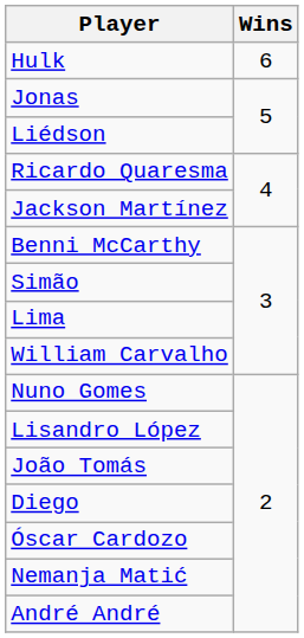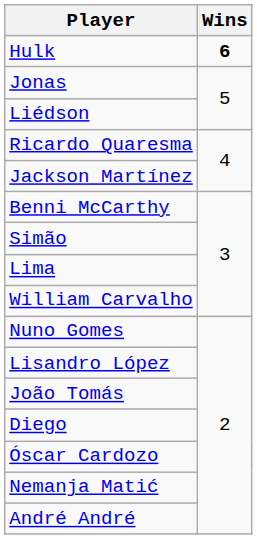 <table class="wikitable">
 <tr>
 <th>Player</th>
 <th>Wins</th>
 </tr>
 <tr>
 <td><a href='#'>Hulk</a></td>
-<td rowspan="1" style="text-align:center;">6</td>
+<td rowspan="1" style="text-align:center;"><strong>6</strong></td>
 </tr>
 <tr>
 <td><a href='#'>Jonas</a></td>
 <td rowspan="2" style="text-align:center;">5</td>
 </tr>
 <tr>
 <td><a href='#'>Liédson</a></td>
 </tr>
 <tr>
 <td><a href='#'>Ricardo Quaresma</a></td>
 <td rowspan="2" style="text-align:center;">4</td>
 </tr>
 <tr>
 <td><a href='#'>Jackson Martínez</a></td>
 </tr>
 <tr>
 <td><a href='#'>Benni McCarthy</a></td>
 <td rowspan="4" style="text-align:center;">3</td>
 </tr>
 <tr>
 <td><a href='#'>Simão</a></td>
 </tr>
 <tr>
 <td><a href='#'>Lima</a></td>
 </tr>
 <tr>
 <td><a href='#'>William Carvalho</a></td>
 </tr>
 <tr>
 <td><a href='#'>Nuno Gomes</a></td>
 <td rowspan="7" style="text-align:center;">2</td>
 </tr>
 <tr>
 <td><a href='#'>Lisandro López</a></td>
 </tr>
 <tr>
 <td><a href='#'>João Tomás</a></td>
 </tr>
 <tr>
 <td><a href='#'>Diego</a></td>
 </tr>
 <tr>
 <td><a href='#'>Óscar Cardozo</a></td>
 </tr>
 <tr>
 <td><a href='#'>Nemanja Matić</a></td>
 </tr>
 <tr>
 <td><a href='#'>André André</a></td>
 </tr>
 </table>
